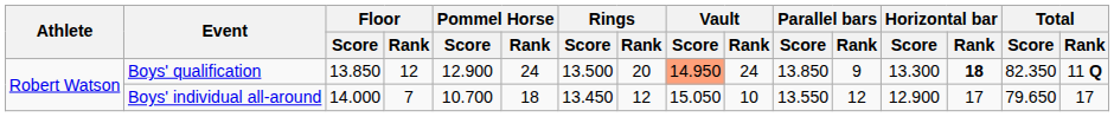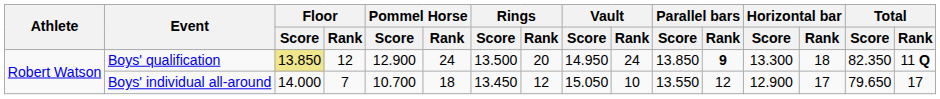 <table class="wikitable" border="1" style="font-size:90%">
 <tr>
 <th rowspan=2>Athlete</th>
 <th rowspan=2>Event</th>
 <th colspan=2>Floor</th>
 <th colspan=2>Pommel Horse</th>
 <th colspan=2>Rings</th>
 <th colspan=2>Vault</th>
 <th colspan=2>Parallel bars</th>
 <th colspan=2>Horizontal bar</th>
 <th colspan=2>Total</th>
 </tr>
 <tr>
 <th>Score</th>
 <th>Rank</th>
 <th>Score</th>
 <th>Rank</th>
 <th>Score</th>
 <th>Rank</th>
 <th>Score</th>
 <th>Rank</th>
 <th>Score</th>
 <th>Rank</th>
 <th>Score</th>
 <th>Rank</th>
 <th>Score</th>
 <th>Rank</th>
 </tr>
 <tr>
 <td rowspan=2><a href='#'>Robert Watson</a></td>
 <td><a href='#'>Boys' qualification</a></td>
-<td align=center>13.850</td>
+<td align=center style="background: khaki;">13.850</td>
 <td align=center>12</td>
 <td align=center>12.900</td>
 <td align=center>24</td>
 <td align=center>13.500</td>
 <td align=center>20</td>
-<td align=center style="background: lightsalmon;">14.950</td>
+<td align=center>14.950</td>
 <td align=center>24</td>
 <td align=center>13.850</td>
-<td align=center>9</td>
+<td align=center><strong>9</strong></td>
 <td align=center>13.300</td>
-<td align=center><strong>18</strong></td>
+<td align=center>18</td>
 <td align=center>82.350</td>
 <td align=center>11 <strong>Q</strong></td>
 </tr>
 <tr>
 <td><a href='#'>Boys' individual all-around</a></td>
 <td align=center>14.000</td>
 <td align=center>7</td>
 <td align=center>10.700</td>
 <td align=center>18</td>
 <td align=center>13.450</td>
 <td align=center>12</td>
 <td align=center>15.050</td>
 <td align=center>10</td>
 <td align=center>13.550</td>
 <td align=center>12</td>
 <td align=center>12.900</td>
 <td align=center>17</td>
 <td align=center>79.650</td>
 <td align=center>17</td>
 </tr>
 </table>
